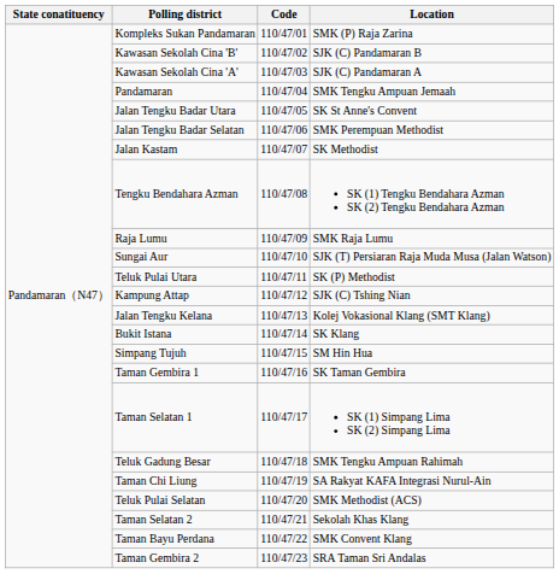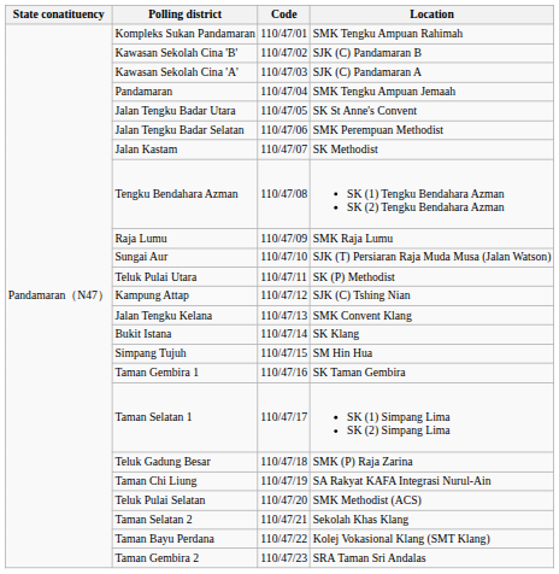 <table class="wikitable sortable mw-collapsible" style="white-space:nowrap;font-size:85%">
 <tr>
 <th>State conatituency</th>
 <th>Polling district</th>
 <th>Code</th>
 <th>Location</th>
 </tr>
 <tr>
 <td rowspan="23">Pandamaran（N47）</td>
 <td>Kompleks Sukan Pandamaran</td>
 <td>110/47/01</td>
-<td>SMK (P) Raja Zarina</td>
+<td>SMK Tengku Ampuan Rahimah</td>
 </tr>
 <tr>
 <td>Kawasan Sekolah Cina 'B'</td>
 <td>110/47/02</td>
 <td>SJK (C) Pandamaran B</td>
 </tr>
 <tr>
 <td>Kawasan Sekolah Cina 'A'</td>
 <td>110/47/03</td>
 <td>SJK (C) Pandamaran A</td>
 </tr>
 <tr>
 <td>Pandamaran</td>
 <td>110/47/04</td>
 <td>SMK Tengku Ampuan Jemaah</td>
 </tr>
 <tr>
 <td>Jalan Tengku Badar Utara</td>
 <td>110/47/05</td>
 <td>SK St Anne's Convent</td>
 </tr>
 <tr>
 <td>Jalan Tengku Badar Selatan</td>
 <td>110/47/06</td>
 <td>SMK Perempuan Methodist</td>
 </tr>
 <tr>
 <td>Jalan Kastam</td>
 <td>110/47/07</td>
 <td>SK Methodist</td>
 </tr>
 <tr>
 <td>Tengku Bendahara Azman</td>
 <td>110/47/08</td>
 <td><br><ul><li>SK (1) Tengku Bendahara Azman</li><li>SK (2) Tengku Bendahara Azman</li></ul></td>
 </tr>
 <tr>
 <td>Raja Lumu</td>
 <td>110/47/09</td>
 <td>SMK Raja Lumu</td>
 </tr>
 <tr>
 <td>Sungai Aur</td>
 <td>110/47/10</td>
 <td>SJK (T) Persiaran Raja Muda Musa (Jalan Watson)</td>
 </tr>
 <tr>
 <td>Teluk Pulai Utara</td>
 <td>110/47/11</td>
 <td>SK (P) Methodist</td>
 </tr>
 <tr>
 <td>Kampung Attap</td>
 <td>110/47/12</td>
 <td>SJK (C) Tshing Nian</td>
 </tr>
 <tr>
 <td>Jalan Tengku Kelana</td>
 <td>110/47/13</td>
-<td>Kolej Vokasional Klang (SMT Klang)</td>
+<td>SMK Convent Klang</td>
 </tr>
 <tr>
 <td>Bukit Istana</td>
 <td>110/47/14</td>
 <td>SK Klang</td>
 </tr>
 <tr>
 <td>Simpang Tujuh</td>
 <td>110/47/15</td>
 <td>SM Hin Hua</td>
 </tr>
 <tr>
 <td>Taman Gembira 1</td>
 <td>110/47/16</td>
 <td>SK Taman Gembira</td>
 </tr>
 <tr>
 <td>Taman Selatan 1</td>
 <td>110/47/17</td>
 <td><br><ul><li>SK (1) Simpang Lima</li><li>SK (2) Simpang Lima</li></ul></td>
 </tr>
 <tr>
 <td>Teluk Gadung Besar</td>
 <td>110/47/18</td>
-<td>SMK Tengku Ampuan Rahimah</td>
+<td>SMK (P) Raja Zarina</td>
 </tr>
 <tr>
 <td>Taman Chi Liung</td>
 <td>110/47/19</td>
 <td>SA Rakyat KAFA Integrasi Nurul-Ain</td>
 </tr>
 <tr>
 <td>Teluk Pulai Selatan</td>
 <td>110/47/20</td>
 <td>SMK Methodist (ACS)</td>
 </tr>
 <tr>
 <td>Taman Selatan 2</td>
 <td>110/47/21</td>
 <td>Sekolah Khas Klang</td>
 </tr>
 <tr>
 <td>Taman Bayu Perdana</td>
 <td>110/47/22</td>
-<td>SMK Convent Klang</td>
+<td>Kolej Vokasional Klang (SMT Klang)</td>
 </tr>
 <tr>
 <td>Taman Gembira 2</td>
 <td>110/47/23</td>
 <td>SRA Taman Sri Andalas</td>
 </tr>
 </table>
